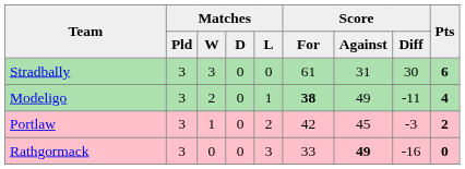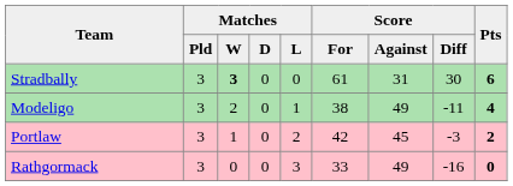 <table style=border-collapse:collapse border=1 cellspacing=0 cellpadding=5>
 <tr align=center bgcolor=#efefef>
 <th rowspan=2 width=165>Team</th>
 <th colspan=4>Matches</th>
 <th colspan=3>Score</th>
 <th rowspan=2width=20>Pts</th>
 </tr>
 <tr align=center bgcolor=#efefef>
 <th width=20>Pld</th>
 <th width=20>W</th>
 <th width=20>D</th>
 <th width=20>L</th>
 <th width=45>For</th>
 <th width=45>Against</th>
 <th width=30>Diff</th>
 </tr>
 <tr align=center style="background:#ACE1AF;">
 <td style="text-align:left;"><a href='#'>Stradbally</a></td>
 <td>3</td>
-<td>3</td>
+<td><strong>3</strong></td>
 <td>0</td>
 <td>0</td>
 <td>61</td>
 <td>31</td>
 <td>30</td>
 <td><strong>6</strong></td>
 </tr>
 <tr align=center style="background:#ACE1AF;">
 <td style="text-align:left;"><a href='#'>Modeligo</a></td>
 <td>3</td>
 <td>2</td>
 <td>0</td>
 <td>1</td>
-<td><strong>38</strong></td>
+<td>38</td>
 <td>49</td>
 <td>-11</td>
 <td><strong>4</strong></td>
 </tr>
 <tr align=center style="background:#FFC0CB;">
 <td style="text-align:left;"><a href='#'>Portlaw</a></td>
 <td>3</td>
 <td>1</td>
 <td>0</td>
 <td>2</td>
 <td>42</td>
 <td>45</td>
 <td>-3</td>
 <td><strong>2</strong></td>
 </tr>
 <tr align=center style="background:#FFC0CB;">
 <td style="text-align:left;"><a href='#'>Rathgormack</a></td>
 <td>3</td>
 <td>0</td>
 <td>0</td>
 <td>3</td>
 <td>33</td>
-<td><strong>49</strong></td>
+<td>49</td>
 <td>-16</td>
 <td><strong>0</strong></td>
 </tr>
 </table>
